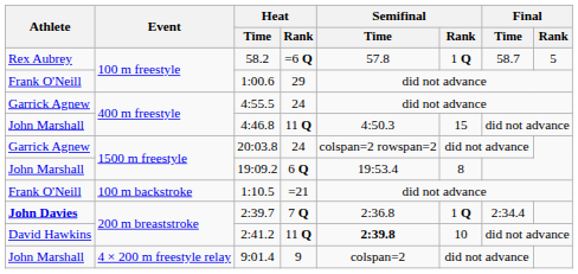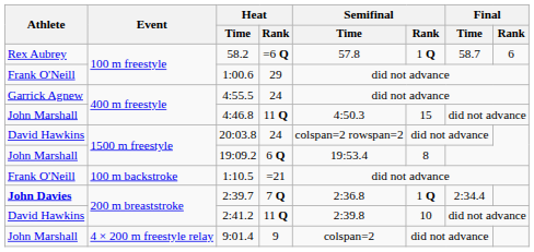 <table class=wikitable style="font-size:90%">
 <tr>
 <th rowspan=2>Athlete</th>
 <th rowspan=2>Event</th>
 <th colspan=2>Heat</th>
 <th colspan=2>Semifinal</th>
 <th colspan=2>Final</th>
 </tr>
 <tr style="font-size:95%">
 <th>Time</th>
 <th>Rank</th>
 <th>Time</th>
 <th>Rank</th>
 <th>Time</th>
 <th>Rank</th>
 </tr>
 <tr align=center>
 <td align=left><a href='#'>Rex Aubrey</a></td>
 <td align=left rowspan=2><a href='#'>100 m freestyle</a></td>
 <td>58.2</td>
 <td>=6 <strong>Q</strong></td>
 <td>57.8</td>
 <td>1 <strong>Q</strong></td>
 <td>58.7</td>
-<td>5</td>
+<td>6</td>
 </tr>
 <tr align="center">
 <td align=left><a href='#'>Frank O'Neill</a></td>
 <td>1:00.6</td>
 <td>29</td>
 <td colspan=4>did not advance</td>
 </tr>
 <tr align="center">
 <td align=left><a href='#'>Garrick Agnew</a></td>
 <td align=left rowspan=2><a href='#'>400 m freestyle</a></td>
 <td>4:55.5</td>
 <td>24</td>
 <td colspan=4>did not advance</td>
 </tr>
 <tr align="center">
 <td align=left><a href='#'>John Marshall</a></td>
 <td>4:46.8</td>
 <td>11 <strong>Q</strong></td>
 <td>4:50.3</td>
 <td>15</td>
 <td colspan=2>did not advance</td>
 </tr>
 <tr align="center">
-<td align=left><a href='#'>Garrick Agnew</a></td>
+<td align=left><a href='#'>David Hawkins</a></td>
 <td align=left rowspan=2><a href='#'>1500 m freestyle</a></td>
 <td>20:03.8</td>
 <td>24</td>
 <td>colspan=2 rowspan=2 </td>
 <td colspan=2>did not advance</td>
 </tr>
 <tr align="center">
 <td align=left><a href='#'>John Marshall</a></td>
 <td>19:09.2</td>
 <td>6 <strong>Q</strong></td>
 <td>19:53.4</td>
 <td>8</td>
 </tr>
 <tr align="center">
 <td align=left><a href='#'>Frank O'Neill</a></td>
 <td align=left><a href='#'>100 m backstroke</a></td>
 <td>1:10.5</td>
 <td>=21</td>
 <td colspan=4>did not advance</td>
 </tr>
 <tr align="center">
 <td align=left><strong><a href='#'>John Davies</a></strong></td>
 <td align=left rowspan=2><a href='#'>200 m breaststroke</a></td>
 <td>2:39.7</td>
 <td>7 <strong>Q</strong></td>
 <td>2:36.8</td>
 <td>1 <strong>Q</strong></td>
 <td>2:34.4</td>
 <td></td>
 </tr>
 <tr align="center">
 <td align=left><a href='#'>David Hawkins</a></td>
 <td>2:41.2</td>
 <td>11 <strong>Q</strong></td>
-<td><strong>2:39.8</strong></td>
+<td>2:39.8</td>
 <td>10</td>
 <td colspan=2>did not advance</td>
 </tr>
 <tr align="center">
 <td align=left><a href='#'>John Marshall</a></td>
 <td align=left><a href='#'>4 × 200 m freestyle relay</a></td>
 <td>9:01.4</td>
 <td>9</td>
 <td>colspan=2 </td>
 <td colspan=2>did not advance</td>
 </tr>
 </table>
